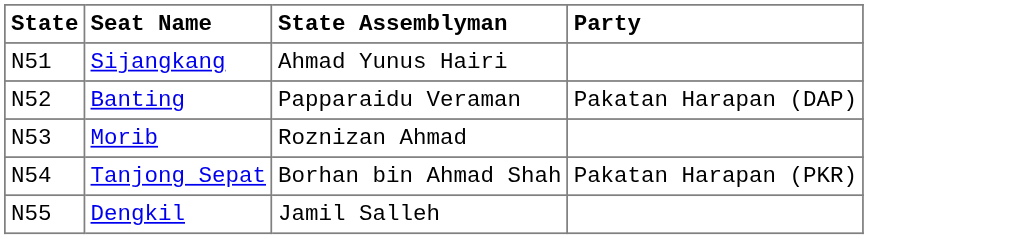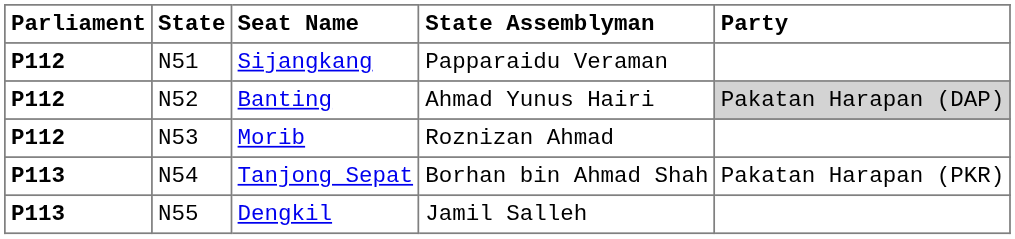 <table class="toccolours sortable" border="1" cellpadding="3" style="border-collapse:collapse; text-align: left;">
 <tr>
+<th align="center">Parliament</th>
 <th>State</th>
 <th>Seat Name</th>
 <th>State Assemblyman</th>
 <th>Party</th>
 </tr>
 <tr>
+<th align="left">P112</th>
 <td>N51</td>
 <td><a href='#'>Sijangkang</a></td>
-<td>Ahmad Yunus Hairi</td>
+<td>Papparaidu Veraman</td>
 <td></td>
 </tr>
 <tr>
+<th align="left">P112</th>
 <td>N52</td>
 <td><a href='#'>Banting</a></td>
-<td>Papparaidu Veraman</td>
-<td>Pakatan Harapan (DAP)</td>
+<td>Ahmad Yunus Hairi</td>
+<td style="background: lightgrey;">Pakatan Harapan (DAP)</td>
 </tr>
 <tr>
+<th align="left">P112</th>
 <td>N53</td>
 <td><a href='#'>Morib</a></td>
 <td>Roznizan Ahmad</td>
 <td></td>
 </tr>
 <tr>
+<th align="left">P113</th>
 <td>N54</td>
 <td><a href='#'>Tanjong Sepat</a></td>
 <td>Borhan bin Ahmad Shah</td>
 <td>Pakatan Harapan (PKR)</td>
 </tr>
 <tr>
+<th align="left">P113</th>
 <td>N55</td>
 <td><a href='#'>Dengkil</a></td>
 <td>Jamil Salleh</td>
 <td></td>
 </tr>
 </table>
